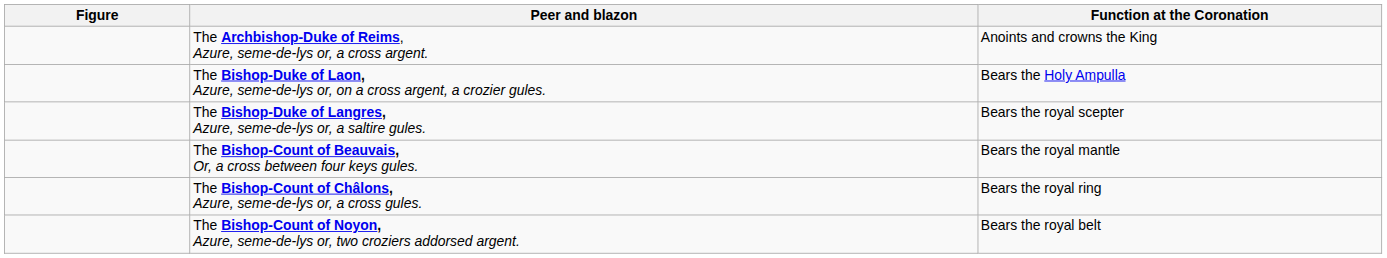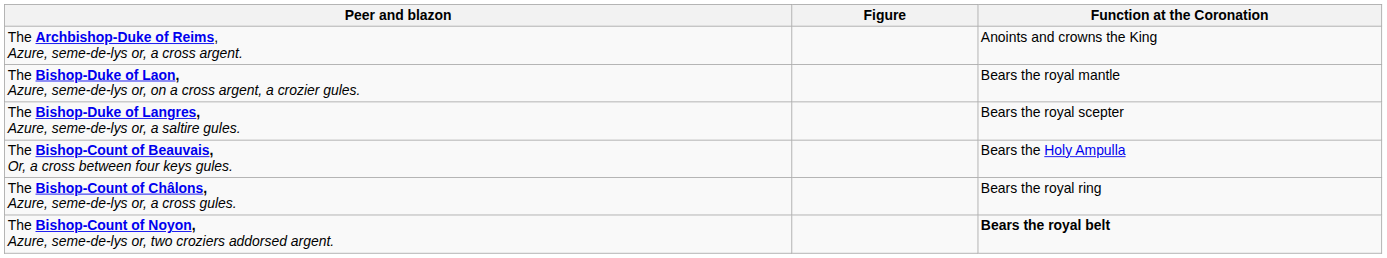 <table class="wikitable" width="100%">
 <tr>
+<th>Peer and blazon</th>
 <th width="206">Figure</th>
-<th>Peer and blazon</th>
 <th>Function at the Coronation</th>
 </tr>
 <tr valign=top>
+<td>The <strong><a href='#'>Archbishop-Duke of Reims</a></strong>,<br><em>Azure, seme-de-lys or, a cross argent.</em></td>
 <td align=center></td>
-<td>The <strong><a href='#'>Archbishop-Duke of Reims</a></strong>,<br><em>Azure, seme-de-lys or, a cross argent.</em></td>
 <td>Anoints and crowns the King</td>
 </tr>
 <tr valign=top>
+<td>The <strong><a href='#'>Bishop-Duke of Laon</a>, </strong><br><em>Azure, seme-de-lys or, on a cross argent, a crozier gules.</em></td>
 <td align=center></td>
-<td>The <strong><a href='#'>Bishop-Duke of Laon</a>, </strong><br><em>Azure, seme-de-lys or, on a cross argent, a crozier gules.</em></td>
+<td>Bears the royal mantle</td>
+</tr>
+<tr valign=top>
+<td>The <strong><a href='#'>Bishop-Duke of Langres</a>, </strong><br><em>Azure, seme-de-lys or, a saltire gules.</em></td>
+<td align=center></td>
+<td>Bears the royal scepter</td>
+</tr>
+<tr valign=top>
+<td>The <strong><a href='#'>Bishop-Count of Beauvais</a>, </strong><br><em>Or, a cross between four keys gules.</em></td>
+<td align=center></td>
 <td>Bears the <a href='#'>Holy Ampulla</a></td>
 </tr>
 <tr valign=top>
+<td>The <strong><a href='#'>Bishop-Count of Châlons</a>, </strong><br><em>Azure, seme-de-lys or, a cross gules.</em></td>
 <td align=center></td>
-<td>The <strong><a href='#'>Bishop-Duke of Langres</a>, </strong><br><em>Azure, seme-de-lys or, a saltire gules.</em></td>
-<td>Bears the royal scepter</td>
-</tr>
-<tr valign=top>
-<td align=center></td>
-<td>The <strong><a href='#'>Bishop-Count of Beauvais</a>, </strong><br><em>Or, a cross between four keys gules.</em></td>
-<td>Bears the royal mantle</td>
-</tr>
-<tr valign=top>
-<td align=center></td>
-<td>The <strong><a href='#'>Bishop-Count of Châlons</a>, </strong><br><em>Azure, seme-de-lys or, a cross gules.</em></td>
 <td>Bears the royal ring</td>
 </tr>
 <tr valign=top>
+<td>The <strong><a href='#'>Bishop-Count of Noyon</a>, </strong><br><em>Azure, seme-de-lys or, two croziers addorsed argent.</em></td>
 <td align=center></td>
-<td>The <strong><a href='#'>Bishop-Count of Noyon</a>, </strong><br><em>Azure, seme-de-lys or, two croziers addorsed argent.</em></td>
-<td>Bears the royal belt</td>
+<td><strong>Bears the royal belt</strong></td>
 </tr>
 </table>
